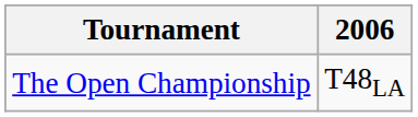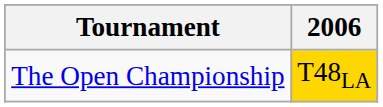 <table class="wikitable" style="font-size:95%;text-align:center;">
 <tr>
 <th>Tournament</th>
 <th>2006</th>
 </tr>
 <tr>
 <td align=left><a href='#'>The Open Championship</a></td>
-<td>T48<sub>LA</sub></td>
+<td style="background: gold;">T48<sub>LA</sub></td>
 </tr>
 </table>
